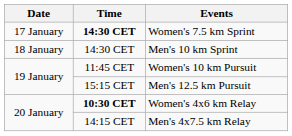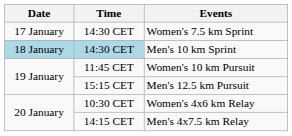 <table class="wikitable" style="text-align: center" width="400">
 <tr>
 <th>Date</th>
 <th>Time</th>
 <th>Events</th>
 </tr>
 <tr>
 <td>17 January</td>
-<td><strong>14:30 CET</strong></td>
+<td>14:30 CET</td>
 <td style="text-align: left">Women's 7.5 km Sprint</td>
 </tr>
 <tr>
-<td>18 January</td>
-<td>14:30 CET</td>
+<td style="background: lightblue;">18 January</td>
+<td style="background: lightblue;">14:30 CET</td>
 <td style="text-align: left">Men's 10 km Sprint</td>
 </tr>
 <tr>
 <td rowspan=2>19 January</td>
 <td>11:45 CET</td>
 <td style="text-align: left">Women's 10 km Pursuit</td>
 </tr>
 <tr>
 <td>15:15 CET</td>
 <td style="text-align: left">Men's 12.5 km Pursuit</td>
 </tr>
 <tr>
 <td rowspan=2>20 January</td>
-<td><strong>10:30 CET</strong></td>
+<td>10:30 CET</td>
 <td style="text-align: left">Women's 4x6 km Relay</td>
 </tr>
 <tr>
 <td>14:15 CET</td>
 <td style="text-align: left">Men's 4x7.5 km Relay</td>
 </tr>
 </table>
